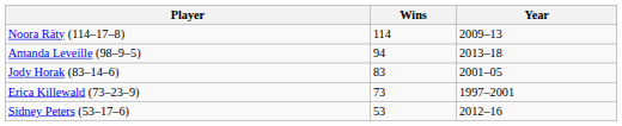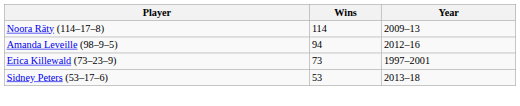 <table class="wikitable" style="width: 50em">
 <tr>
 <th>Player</th>
 <th>Wins</th>
 <th>Year</th>
 </tr>
 <tr>
 <td><a href='#'>Noora Räty</a> (114–17–8)</td>
 <td>114</td>
 <td>2009–13</td>
 </tr>
 <tr>
 <td><a href='#'>Amanda Leveille</a> (98–9–5)</td>
 <td>94</td>
-<td>2013–18</td>
-</tr>
-<tr>
-<td><a href='#'>Jody Horak</a> (83–14–6)</td>
-<td>83</td>
-<td>2001–05</td>
+<td>2012–16</td>
 </tr>
 <tr>
 <td><a href='#'>Erica Killewald</a> (73–23–9)</td>
 <td>73</td>
 <td>1997–2001</td>
 </tr>
 <tr>
 <td><a href='#'>Sidney Peters</a> (53–17–6)</td>
 <td>53</td>
-<td>2012–16</td>
+<td>2013–18</td>
 </tr>
 </table>
